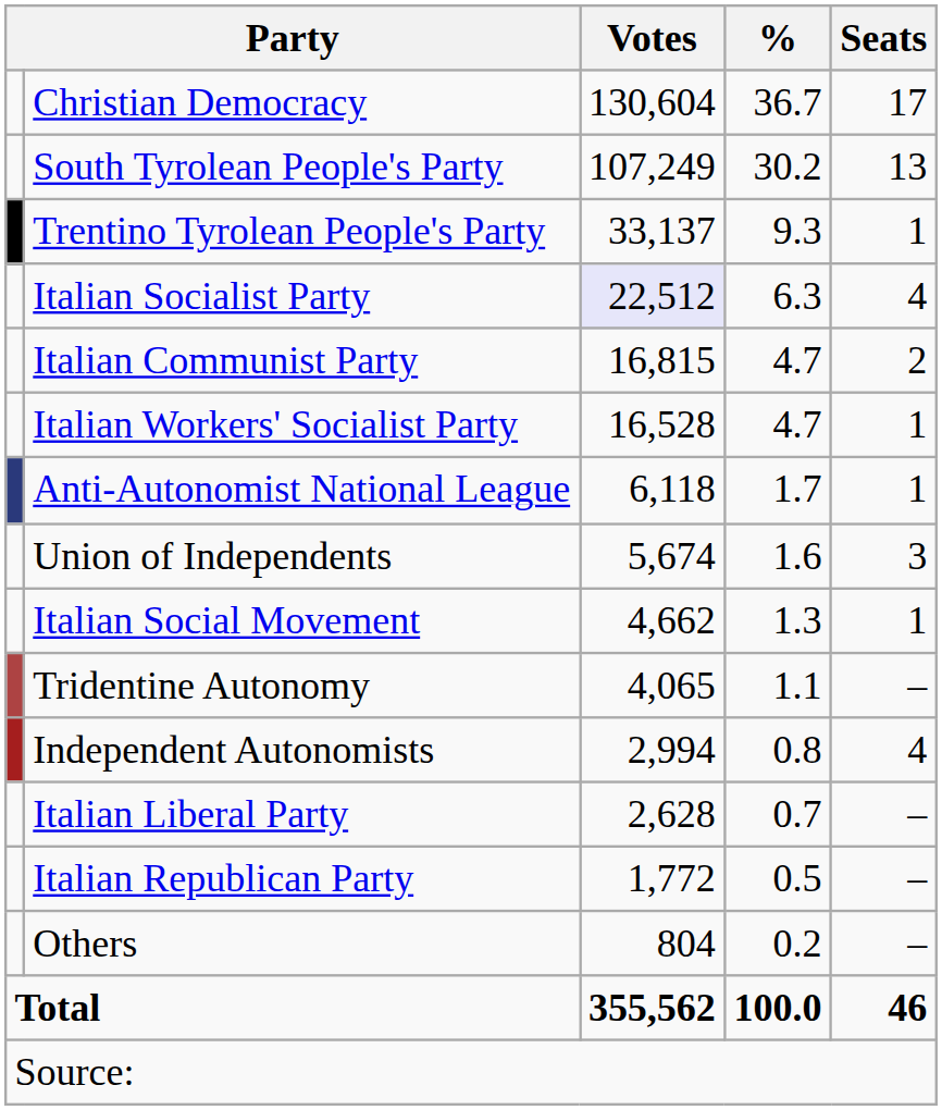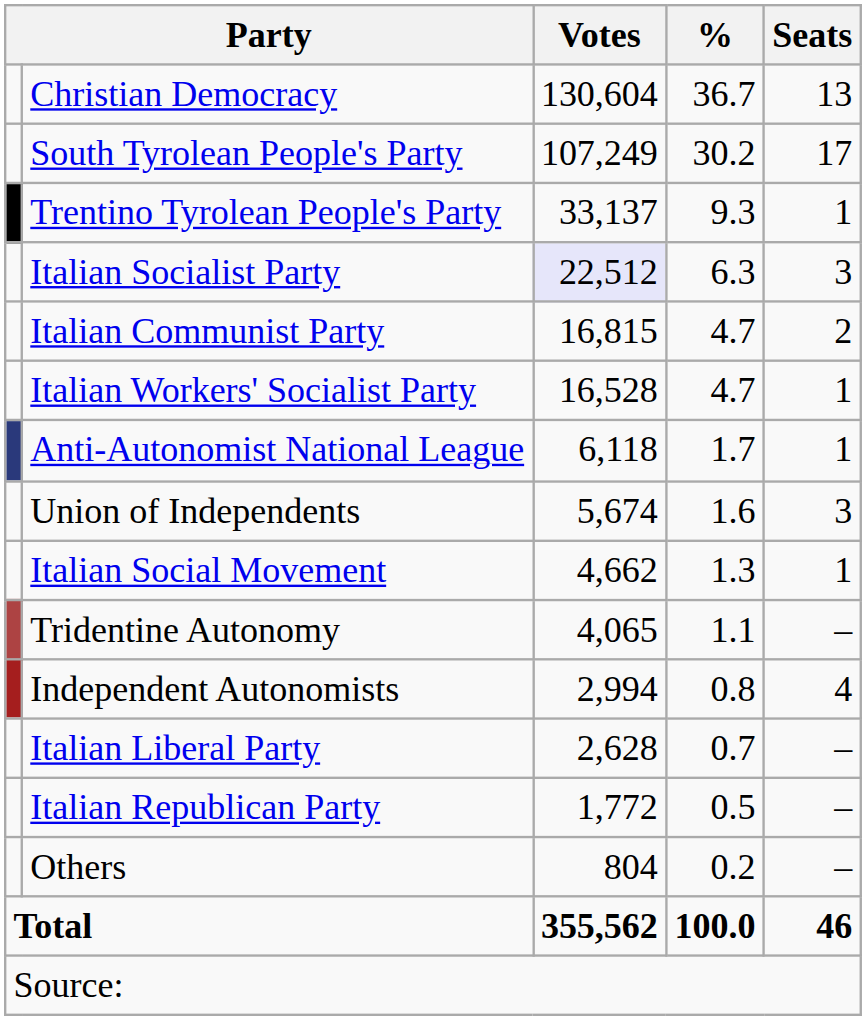 <table class="wikitable" style="font-size:95%; text-align:right;">
 <tr>
 <th colspan=2>Party</th>
 <th>Votes</th>
 <th>%</th>
 <th>Seats</th>
 </tr>
 <tr>
 <td style="background:"></td>
 <td align=left><a href='#'>Christian Democracy</a></td>
 <td>130,604</td>
 <td>36.7</td>
-<td>17</td>
+<td>13</td>
 </tr>
 <tr>
 <td style="background:"></td>
 <td align=left><a href='#'>South Tyrolean People's Party</a></td>
 <td>107,249</td>
 <td>30.2</td>
-<td>13</td>
+<td>17</td>
 </tr>
 <tr>
 <td style="background:black"></td>
 <td align=left><a href='#'>Trentino Tyrolean People's Party</a></td>
 <td>33,137</td>
 <td>9.3</td>
 <td>1</td>
 </tr>
 <tr>
 <td style="background:"></td>
 <td align=left><a href='#'>Italian Socialist Party</a></td>
 <td style="background: lavender;">22,512</td>
 <td>6.3</td>
-<td>4</td>
+<td>3</td>
 </tr>
 <tr>
 <td style="background:"></td>
 <td align=left><a href='#'>Italian Communist Party</a></td>
 <td>16,815</td>
 <td>4.7</td>
 <td>2</td>
 </tr>
 <tr>
 <td style="background:"></td>
 <td align=left><a href='#'>Italian Workers' Socialist Party</a></td>
 <td>16,528</td>
 <td>4.7</td>
 <td>1</td>
 </tr>
 <tr>
 <td style="background:#2A397B"></td>
 <td align=left><a href='#'>Anti-Autonomist National League</a></td>
 <td>6,118</td>
 <td>1.7</td>
 <td>1</td>
 </tr>
 <tr>
 <td style="background:"></td>
 <td align=left>Union of Independents</td>
 <td>5,674</td>
 <td>1.6</td>
 <td>3</td>
 </tr>
 <tr>
 <td style="background:"></td>
 <td align=left><a href='#'>Italian Social Movement</a></td>
 <td>4,662</td>
 <td>1.3</td>
 <td>1</td>
 </tr>
 <tr>
 <td bgcolor=#AD4343></td>
 <td align=left>Tridentine Autonomy</td>
 <td>4,065</td>
 <td>1.1</td>
 <td>–</td>
 </tr>
 <tr>
 <td bgcolor=#A51E1E></td>
 <td align=left>Independent Autonomists</td>
 <td>2,994</td>
 <td>0.8</td>
 <td>4</td>
 </tr>
 <tr>
 <td style="background:"></td>
 <td align=left><a href='#'>Italian Liberal Party</a></td>
 <td>2,628</td>
 <td>0.7</td>
 <td>–</td>
 </tr>
 <tr>
 <td style="background:"></td>
 <td align=left><a href='#'>Italian Republican Party</a></td>
 <td>1,772</td>
 <td>0.5</td>
 <td>–</td>
 </tr>
 <tr>
 <td style="background:"></td>
 <td align=left>Others</td>
 <td>804</td>
 <td>0.2</td>
 <td>–</td>
 </tr>
 <tr>
 <td align=left colspan=2><strong>Total</strong></td>
 <td><strong>355,562</strong></td>
 <td><strong>100.0</strong></td>
 <td><strong>46</strong></td>
 </tr>
 <tr>
 <td colspan=5 align=left>Source:  </td>
 </tr>
 </table>
